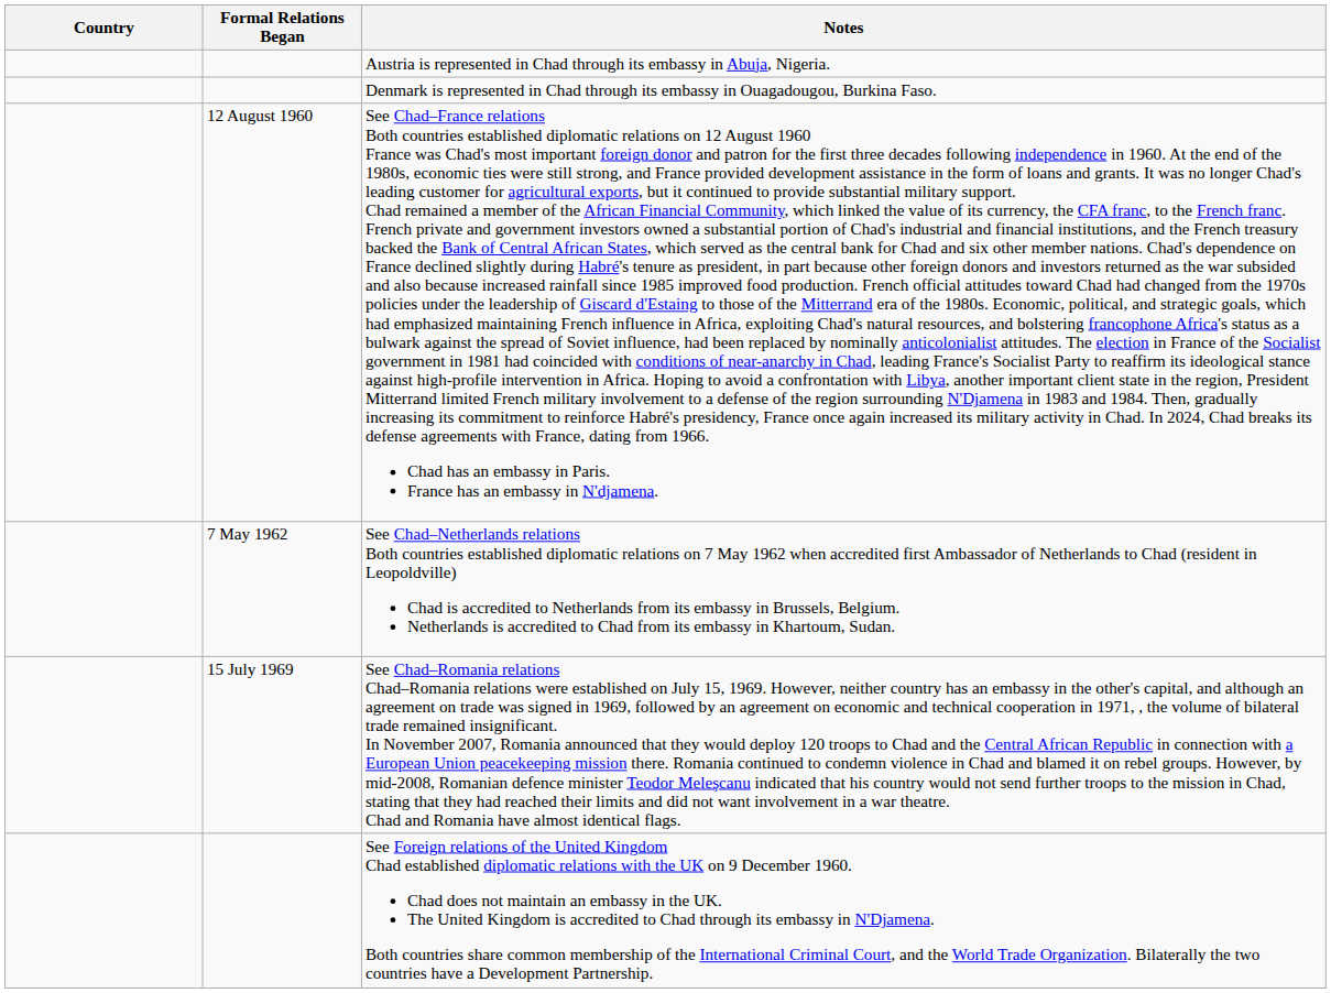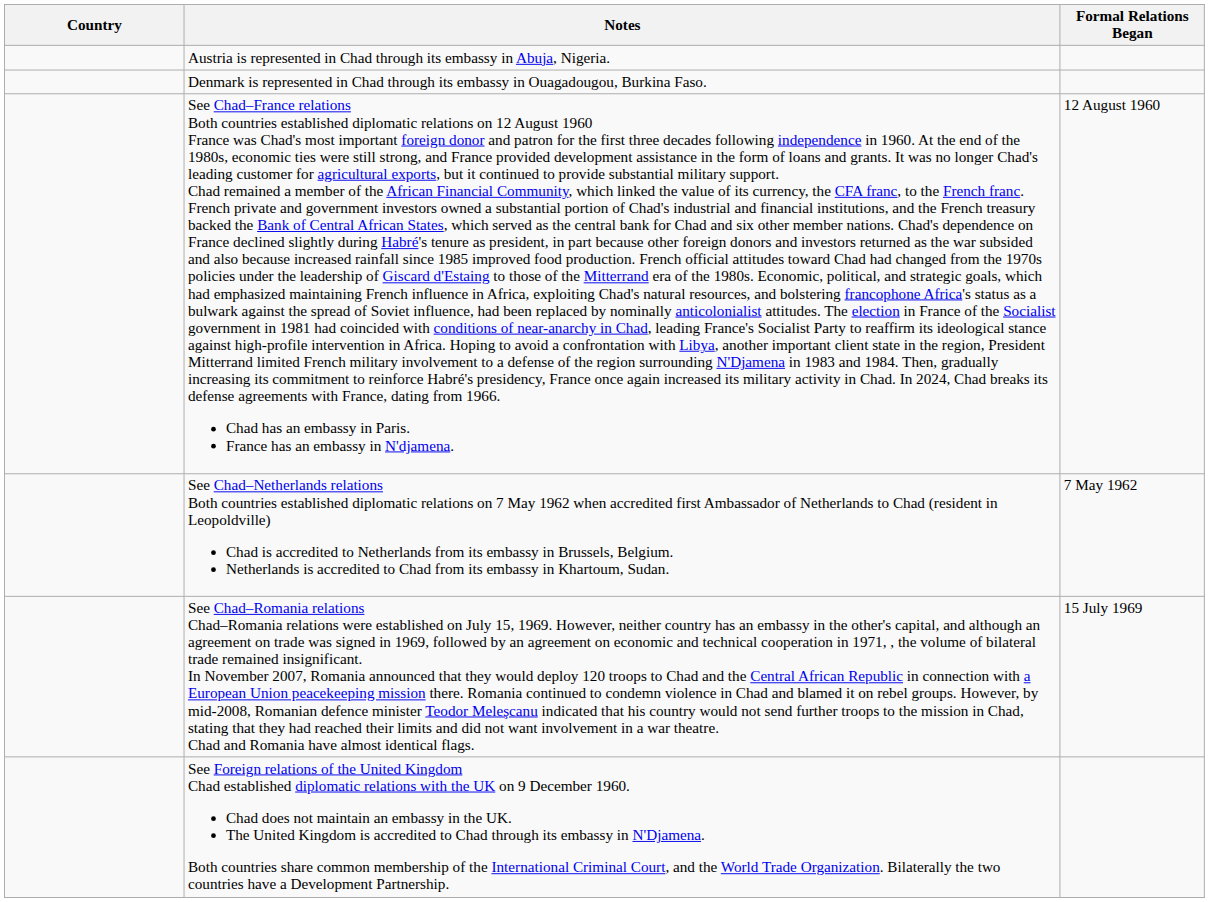 <table class="wikitable sortable" style="width:100%; margin:auto;">
 <tr>
 <th style="width:15%;">Country</th>
+<th>Notes</th>
 <th style="width:12%;">Formal Relations Began</th>
-<th>Notes</th>
 </tr>
 <tr>
 <td></td>
+<td>Austria is represented in Chad through its embassy in <a href='#'>Abuja</a>, Nigeria.</td>
 <td></td>
-<td>Austria is represented in Chad through its embassy in <a href='#'>Abuja</a>, Nigeria.</td>
 </tr>
 <tr>
 <td></td>
+<td>Denmark is represented in Chad through its embassy in Ouagadougou, Burkina Faso.</td>
 <td></td>
-<td>Denmark is represented in Chad through its embassy in Ouagadougou, Burkina Faso.</td>
 </tr>
 <tr valign="top">
 <td></td>
+<td>See <a href='#'>Chad–France relations</a><br>Both countries established diplomatic relations on 12 August 1960<br>France was Chad's most important <a href='#'>foreign donor</a> and patron for the first three decades following <a href='#'>independence</a> in 1960. At the end of the 1980s, economic ties were still strong, and France provided development assistance in the form of loans and grants. It was no longer Chad's leading customer for <a href='#'>agricultural exports</a>, but it continued to provide substantial military support.<br>Chad remained a member of the <a href='#'>African Financial Community</a>, which linked the value of its currency, the <a href='#'>CFA franc</a>, to the <a href='#'>French franc</a>. French private and government investors owned a substantial portion of Chad's industrial and financial institutions, and the French treasury backed the <a href='#'>Bank of Central African States</a>, which served as the central bank for Chad and six other member nations. Chad's dependence on France declined slightly during <a href='#'>Habré</a>'s tenure as president, in part because other foreign donors and investors returned as the war subsided and also because increased rainfall since 1985 improved food production. French official attitudes toward Chad had changed from the 1970s policies under the leadership of <a href='#'>Giscard d'Estaing</a> to those of the <a href='#'>Mitterrand</a> era of the 1980s. Economic, political, and strategic goals, which had emphasized maintaining French influence in Africa, exploiting Chad's natural resources, and bolstering <a href='#'>francophone Africa</a>'s status as a bulwark against the spread of Soviet influence, had been replaced by nominally <a href='#'>anticolonialist</a> attitudes. The <a href='#'>election</a> in France of the <a href='#'>Socialist</a> government in 1981 had coincided with <a href='#'>conditions of near-anarchy in Chad</a>, leading France's Socialist Party to reaffirm its ideological stance against high-profile intervention in Africa. Hoping to avoid a confrontation with <a href='#'>Libya</a>, another important client state in the region, President Mitterrand limited French military involvement to a defense of the region surrounding <a href='#'>N'Djamena</a> in 1983 and 1984. Then, gradually increasing its commitment to reinforce Habré's presidency, France once again increased its military activity in Chad. In 2024, Chad breaks its defense agreements with France, dating from 1966.<ul><li>Chad has an embassy in Paris.</li><li>France has an embassy in <a href='#'>N'djamena</a>.</li></ul></td>
 <td>12 August 1960</td>
-<td>See <a href='#'>Chad–France relations</a><br>Both countries established diplomatic relations on 12 August 1960<br>France was Chad's most important <a href='#'>foreign donor</a> and patron for the first three decades following <a href='#'>independence</a> in 1960. At the end of the 1980s, economic ties were still strong, and France provided development assistance in the form of loans and grants. It was no longer Chad's leading customer for <a href='#'>agricultural exports</a>, but it continued to provide substantial military support.<br>Chad remained a member of the <a href='#'>African Financial Community</a>, which linked the value of its currency, the <a href='#'>CFA franc</a>, to the <a href='#'>French franc</a>. French private and government investors owned a substantial portion of Chad's industrial and financial institutions, and the French treasury backed the <a href='#'>Bank of Central African States</a>, which served as the central bank for Chad and six other member nations. Chad's dependence on France declined slightly during <a href='#'>Habré</a>'s tenure as president, in part because other foreign donors and investors returned as the war subsided and also because increased rainfall since 1985 improved food production. French official attitudes toward Chad had changed from the 1970s policies under the leadership of <a href='#'>Giscard d'Estaing</a> to those of the <a href='#'>Mitterrand</a> era of the 1980s. Economic, political, and strategic goals, which had emphasized maintaining French influence in Africa, exploiting Chad's natural resources, and bolstering <a href='#'>francophone Africa</a>'s status as a bulwark against the spread of Soviet influence, had been replaced by nominally <a href='#'>anticolonialist</a> attitudes. The <a href='#'>election</a> in France of the <a href='#'>Socialist</a> government in 1981 had coincided with <a href='#'>conditions of near-anarchy in Chad</a>, leading France's Socialist Party to reaffirm its ideological stance against high-profile intervention in Africa. Hoping to avoid a confrontation with <a href='#'>Libya</a>, another important client state in the region, President Mitterrand limited French military involvement to a defense of the region surrounding <a href='#'>N'Djamena</a> in 1983 and 1984. Then, gradually increasing its commitment to reinforce Habré's presidency, France once again increased its military activity in Chad. In 2024, Chad breaks its defense agreements with France, dating from 1966.<ul><li>Chad has an embassy in Paris.</li><li>France has an embassy in <a href='#'>N'djamena</a>.</li></ul></td>
 </tr>
 <tr valign="top">
 <td></td>
+<td>See <a href='#'>Chad–Netherlands relations</a><br>Both countries established diplomatic relations on 7 May 1962 when accredited first Ambassador of Netherlands to Chad (resident in Leopoldville)<ul><li>Chad is accredited to Netherlands from its embassy in Brussels, Belgium.</li><li>Netherlands is accredited to Chad from its embassy in Khartoum, Sudan.</li></ul></td>
 <td>7 May 1962</td>
-<td>See <a href='#'>Chad–Netherlands relations</a><br>Both countries established diplomatic relations on 7 May 1962 when accredited first Ambassador of Netherlands to Chad (resident in Leopoldville)<ul><li>Chad is accredited to Netherlands from its embassy in Brussels, Belgium.</li><li>Netherlands is accredited to Chad from its embassy in Khartoum, Sudan.</li></ul></td>
 </tr>
 <tr valign="top">
 <td></td>
+<td>See <a href='#'>Chad–Romania relations</a><br>Chad–Romania relations were established on July 15, 1969. However, neither country has an embassy in the other's capital, and although an agreement on trade was signed in 1969, followed by an agreement on economic and technical cooperation in 1971, , the volume of bilateral trade remained insignificant.<br>In November 2007, Romania announced that they would deploy 120 troops to Chad and the <a href='#'>Central African Republic</a> in connection with <a href='#'>a European Union peacekeeping mission</a> there. Romania continued to condemn violence in Chad and blamed it on rebel groups. However, by mid-2008, Romanian defence minister <a href='#'>Teodor Meleşcanu</a> indicated that his country would not send further troops to the mission in Chad, stating that they had reached their limits and did not want involvement in a war theatre.<br>Chad and Romania have almost identical flags.</td>
 <td>15 July 1969</td>
-<td>See <a href='#'>Chad–Romania relations</a><br>Chad–Romania relations were established on July 15, 1969. However, neither country has an embassy in the other's capital, and although an agreement on trade was signed in 1969, followed by an agreement on economic and technical cooperation in 1971, , the volume of bilateral trade remained insignificant.<br>In November 2007, Romania announced that they would deploy 120 troops to Chad and the <a href='#'>Central African Republic</a> in connection with <a href='#'>a European Union peacekeeping mission</a> there. Romania continued to condemn violence in Chad and blamed it on rebel groups. However, by mid-2008, Romanian defence minister <a href='#'>Teodor Meleşcanu</a> indicated that his country would not send further troops to the mission in Chad, stating that they had reached their limits and did not want involvement in a war theatre.<br>Chad and Romania have almost identical flags.</td>
 </tr>
 <tr valign="top">
 <td></td>
+<td>See <a href='#'>Foreign relations of the United Kingdom</a><br>Chad established <a href='#'>diplomatic relations with the UK</a> on 9 December 1960.<ul><li>Chad does not maintain an embassy in the UK.</li><li>The United Kingdom is accredited to Chad through its embassy in <a href='#'>N'Djamena</a>.</li></ul>Both countries share common membership of the <a href='#'>International Criminal Court</a>, and the <a href='#'>World Trade Organization</a>. Bilaterally the two countries have a Development Partnership.</td>
 <td></td>
-<td>See <a href='#'>Foreign relations of the United Kingdom</a><br>Chad established <a href='#'>diplomatic relations with the UK</a> on 9 December 1960.<ul><li>Chad does not maintain an embassy in the UK.</li><li>The United Kingdom is accredited to Chad through its embassy in <a href='#'>N'Djamena</a>.</li></ul>Both countries share common membership of the <a href='#'>International Criminal Court</a>, and the <a href='#'>World Trade Organization</a>. Bilaterally the two countries have a Development Partnership.</td>
 </tr>
 </table>
